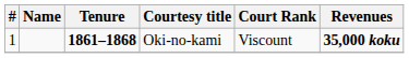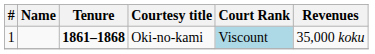 <table class=wikitable>
 <tr>
 <th>#</th>
 <th>Name</th>
 <th>Tenure</th>
 <th>Courtesy title</th>
 <th>Court Rank</th>
 <th>Revenues</th>
 </tr>
 <tr>
 <td>1</td>
 <td></td>
 <td><strong>1861–1868</strong></td>
 <td>Oki-no-kami</td>
-<td>Viscount</td>
-<td><strong>35,000 <em>koku</em></strong></td>
+<td style="background: lightblue;">Viscount</td>
+<td>35,000 <em>koku</em></td>
 </tr>
 <tr>
 </tr>
 </table>
